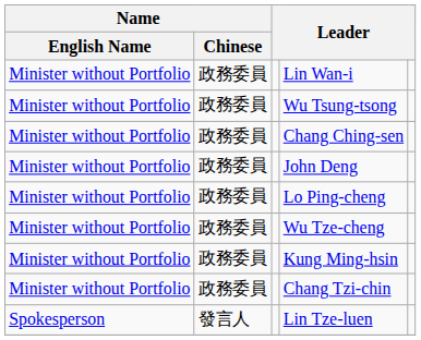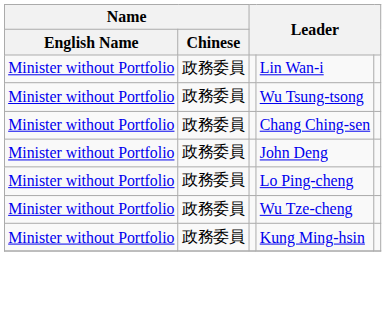 <table class="wikitable sortable">
 <tr>
 <th colspan="2">Name</th>
 <th colspan="3" rowspan="2">Leader</th>
 </tr>
 <tr>
 <th>English Name</th>
 <th>Chinese</th>
 </tr>
 <tr>
 <td><a href='#'>Minister without Portfolio</a></td>
 <td>政務委員</td>
 <td style="background:"></td>
 <td><a href='#'>Lin Wan-i</a></td>
 <td></td>
 </tr>
 <tr>
 <td><a href='#'>Minister without Portfolio</a></td>
 <td>政務委員</td>
 <td style="background:"></td>
 <td><a href='#'>Wu Tsung-tsong</a></td>
 <td></td>
 </tr>
 <tr>
 <td><a href='#'>Minister without Portfolio</a></td>
 <td>政務委員</td>
 <td style="background:"></td>
 <td><a href='#'>Chang Ching-sen</a></td>
 <td></td>
 </tr>
 <tr>
 <td><a href='#'>Minister without Portfolio</a></td>
 <td>政務委員</td>
 <td style="background:"></td>
 <td><a href='#'>John Deng</a></td>
 <td></td>
 </tr>
 <tr>
 <td><a href='#'>Minister without Portfolio</a></td>
 <td>政務委員</td>
 <td style="background:"></td>
 <td><a href='#'>Lo Ping-cheng</a></td>
 <td></td>
 </tr>
 <tr>
 <td><a href='#'>Minister without Portfolio</a></td>
 <td>政務委員</td>
 <td style="background:"></td>
 <td><a href='#'>Wu Tze-cheng</a></td>
 <td></td>
 </tr>
 <tr>
 <td><a href='#'>Minister without Portfolio</a></td>
 <td>政務委員</td>
 <td style="background:"></td>
 <td><a href='#'>Kung Ming-hsin</a></td>
 <td></td>
 </tr>
 <tr>
-<td><a href='#'>Minister without Portfolio</a></td>
-<td>政務委員</td>
-<td style="background:"></td>
-<td><a href='#'>Chang Tzi-chin</a></td>
-<td></td>
-</tr>
-<tr>
-<td><a href='#'>Spokesperson</a></td>
-<td>發言人</td>
-<td style="background:"></td>
-<td><a href='#'>Lin Tze-luen</a></td>
-<td></td>
-</tr>
-<tr>
 </tr>
 </table>
